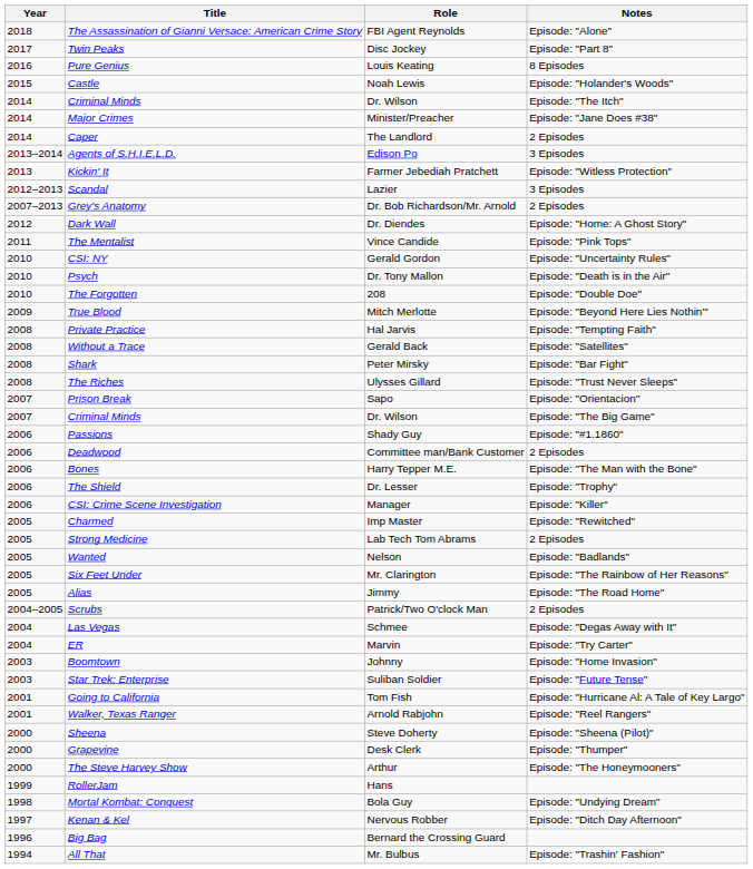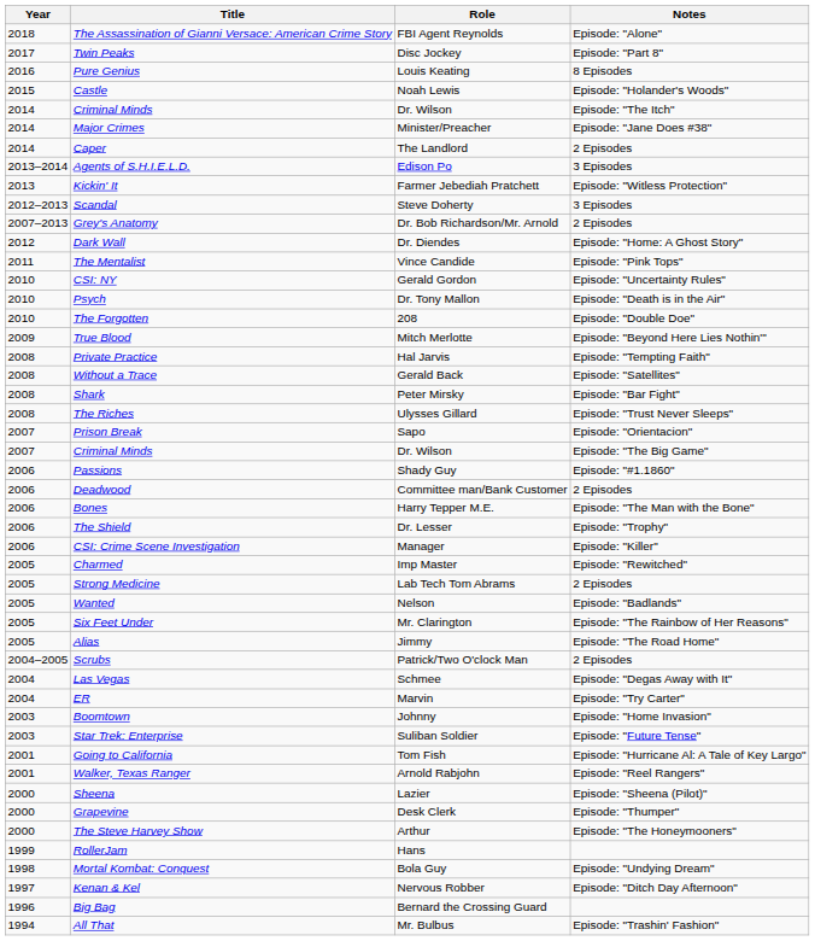 <table class="wikitable sortable">
 <tr>
 <th>Year</th>
 <th>Title</th>
 <th>Role</th>
 <th class="unsortable">Notes</th>
 </tr>
 <tr>
 <td>2018</td>
 <td><em><a href='#'>The Assassination of Gianni Versace: American Crime Story</a></em></td>
 <td>FBI Agent Reynolds</td>
 <td>Episode: "Alone"</td>
 </tr>
 <tr>
 <td>2017</td>
 <td><em><a href='#'>Twin Peaks</a></em></td>
 <td>Disc Jockey</td>
 <td>Episode: "Part 8"</td>
 </tr>
 <tr>
 <td>2016</td>
 <td><em><a href='#'>Pure Genius</a></em></td>
 <td>Louis Keating</td>
 <td>8 Episodes</td>
 </tr>
 <tr>
 <td>2015</td>
 <td><em><a href='#'>Castle</a></em></td>
 <td>Noah Lewis</td>
 <td>Episode: "Holander's Woods"</td>
 </tr>
 <tr>
 <td>2014</td>
 <td><em><a href='#'>Criminal Minds</a></em></td>
 <td>Dr. Wilson</td>
 <td>Episode: "The Itch"</td>
 </tr>
 <tr>
 <td>2014</td>
 <td><em><a href='#'>Major Crimes</a></em></td>
 <td>Minister/Preacher</td>
 <td>Episode: "Jane Does #38"</td>
 </tr>
 <tr>
 <td>2014</td>
 <td><em><a href='#'>Caper</a></em></td>
 <td>The Landlord</td>
 <td>2 Episodes</td>
 </tr>
 <tr>
 <td>2013–2014</td>
 <td><em><a href='#'>Agents of S.H.I.E.L.D.</a></em></td>
 <td><a href='#'>Edison Po</a></td>
 <td>3 Episodes</td>
 </tr>
 <tr>
 <td>2013</td>
 <td><em><a href='#'>Kickin' It</a></em></td>
 <td>Farmer Jebediah Pratchett</td>
 <td>Episode: "Witless Protection"</td>
 </tr>
 <tr>
 <td>2012–2013</td>
 <td><em><a href='#'>Scandal</a></em></td>
-<td>Lazier</td>
+<td>Steve Doherty</td>
 <td>3 Episodes</td>
 </tr>
 <tr>
 <td>2007–2013</td>
 <td><em><a href='#'>Grey's Anatomy</a></em></td>
 <td>Dr. Bob Richardson/Mr. Arnold</td>
 <td>2 Episodes</td>
 </tr>
 <tr>
 <td>2012</td>
 <td><em><a href='#'>Dark Wall</a></em></td>
 <td>Dr. Diendes</td>
 <td>Episode: "Home: A Ghost Story"</td>
 </tr>
 <tr>
 <td>2011</td>
 <td><em><a href='#'>The Mentalist</a></em></td>
 <td>Vince Candide</td>
 <td>Episode: "Pink Tops"</td>
 </tr>
 <tr>
 <td>2010</td>
 <td><em><a href='#'>CSI: NY</a></em></td>
 <td>Gerald Gordon</td>
 <td>Episode: "Uncertainty Rules"</td>
 </tr>
 <tr>
 <td>2010</td>
 <td><em><a href='#'>Psych</a></em></td>
 <td>Dr. Tony Mallon</td>
 <td>Episode: "Death is in the Air"</td>
 </tr>
 <tr>
 <td>2010</td>
 <td><em><a href='#'>The Forgotten</a></em></td>
 <td>208</td>
 <td>Episode: "Double Doe"</td>
 </tr>
 <tr>
 <td>2009</td>
 <td><em><a href='#'>True Blood</a></em></td>
 <td>Mitch Merlotte</td>
 <td>Episode: "Beyond Here Lies Nothin'"</td>
 </tr>
 <tr>
 <td>2008</td>
 <td><em><a href='#'>Private Practice</a></em></td>
 <td>Hal Jarvis</td>
 <td>Episode: "Tempting Faith"</td>
 </tr>
 <tr>
 <td>2008</td>
 <td><em><a href='#'>Without a Trace</a></em></td>
 <td>Gerald Back</td>
 <td>Episode: "Satellites"</td>
 </tr>
 <tr>
 <td>2008</td>
 <td><em><a href='#'>Shark</a></em></td>
 <td>Peter Mirsky</td>
 <td>Episode: "Bar Fight"</td>
 </tr>
 <tr>
 <td>2008</td>
 <td><em><a href='#'>The Riches</a></em></td>
 <td>Ulysses Gillard</td>
 <td>Episode: "Trust Never Sleeps"</td>
 </tr>
 <tr>
 <td>2007</td>
 <td><em><a href='#'>Prison Break</a></em></td>
 <td>Sapo</td>
 <td>Episode: "Orientacion"</td>
 </tr>
 <tr>
 <td>2007</td>
 <td><em><a href='#'>Criminal Minds</a></em></td>
 <td>Dr. Wilson</td>
 <td>Episode: "The Big Game"</td>
 </tr>
 <tr>
 <td>2006</td>
 <td><em><a href='#'>Passions</a></em></td>
 <td>Shady Guy</td>
 <td>Episode: "#1.1860"</td>
 </tr>
 <tr>
 <td>2006</td>
 <td><em><a href='#'>Deadwood</a></em></td>
 <td>Committee man/Bank Customer</td>
 <td>2 Episodes</td>
 </tr>
 <tr>
 <td>2006</td>
 <td><em><a href='#'>Bones</a></em></td>
 <td>Harry Tepper M.E.</td>
 <td>Episode: "The Man with the Bone"</td>
 </tr>
 <tr>
 <td>2006</td>
 <td><em><a href='#'>The Shield</a></em></td>
 <td>Dr. Lesser</td>
 <td>Episode: "Trophy"</td>
 </tr>
 <tr>
 <td>2006</td>
 <td><em><a href='#'>CSI: Crime Scene Investigation</a></em></td>
 <td>Manager</td>
 <td>Episode: "Killer"</td>
 </tr>
 <tr>
 <td>2005</td>
 <td><em><a href='#'>Charmed</a></em></td>
 <td>Imp Master</td>
 <td>Episode: "Rewitched"</td>
 </tr>
 <tr>
 <td>2005</td>
 <td><em><a href='#'>Strong Medicine</a></em></td>
 <td>Lab Tech Tom Abrams</td>
 <td>2 Episodes</td>
 </tr>
 <tr>
 <td>2005</td>
 <td><em><a href='#'>Wanted</a></em></td>
 <td>Nelson</td>
 <td>Episode: "Badlands"</td>
 </tr>
 <tr>
 <td>2005</td>
 <td><em><a href='#'>Six Feet Under</a></em></td>
 <td>Mr. Clarington</td>
 <td>Episode: "The Rainbow of Her Reasons"</td>
 </tr>
 <tr>
 <td>2005</td>
 <td><em><a href='#'>Alias</a></em></td>
 <td>Jimmy</td>
 <td>Episode: "The Road Home"</td>
 </tr>
 <tr>
 <td>2004–2005</td>
 <td><em><a href='#'>Scrubs</a></em></td>
 <td>Patrick/Two O'clock Man</td>
 <td>2 Episodes</td>
 </tr>
 <tr>
 <td>2004</td>
 <td><em><a href='#'>Las Vegas</a></em></td>
 <td>Schmee</td>
 <td>Episode: "Degas Away with It"</td>
 </tr>
 <tr>
 <td>2004</td>
 <td><em><a href='#'>ER</a></em></td>
 <td>Marvin</td>
 <td>Episode: "Try Carter"</td>
 </tr>
 <tr>
 <td>2003</td>
 <td><em><a href='#'>Boomtown</a></em></td>
 <td>Johnny</td>
 <td>Episode: "Home Invasion"</td>
 </tr>
 <tr>
 <td>2003</td>
 <td><em><a href='#'>Star Trek: Enterprise</a></em></td>
 <td>Suliban Soldier</td>
 <td>Episode: "<a href='#'>Future Tense</a>"</td>
 </tr>
 <tr>
 <td>2001</td>
 <td><em><a href='#'>Going to California</a></em></td>
 <td>Tom Fish</td>
 <td>Episode: "Hurricane Al: A Tale of Key Largo"</td>
 </tr>
 <tr>
 <td>2001</td>
 <td><em><a href='#'>Walker, Texas Ranger</a></em></td>
 <td>Arnold Rabjohn</td>
 <td>Episode: "Reel Rangers"</td>
 </tr>
 <tr>
 <td>2000</td>
 <td><em><a href='#'>Sheena</a></em></td>
-<td>Steve Doherty</td>
+<td>Lazier</td>
 <td>Episode: "Sheena (Pilot)"</td>
 </tr>
 <tr>
 <td>2000</td>
 <td><em><a href='#'>Grapevine</a></em></td>
 <td>Desk Clerk</td>
 <td>Episode: "Thumper"</td>
 </tr>
 <tr>
 <td>2000</td>
 <td><em><a href='#'>The Steve Harvey Show</a></em></td>
 <td>Arthur</td>
 <td>Episode: "The Honeymooners"</td>
 </tr>
 <tr>
 <td>1999</td>
 <td><em><a href='#'>RollerJam</a></em></td>
 <td>Hans</td>
 <td></td>
 </tr>
 <tr>
 <td>1998</td>
 <td><em><a href='#'>Mortal Kombat: Conquest</a></em></td>
 <td>Bola Guy</td>
 <td>Episode: "Undying Dream"</td>
 </tr>
 <tr>
 <td>1997</td>
 <td><em><a href='#'>Kenan & Kel</a></em></td>
 <td>Nervous Robber</td>
 <td>Episode: "Ditch Day Afternoon"</td>
 </tr>
 <tr>
 <td>1996</td>
 <td><em><a href='#'>Big Bag</a></em></td>
 <td>Bernard the Crossing Guard</td>
 <td></td>
 </tr>
 <tr>
 <td>1994</td>
 <td><em><a href='#'>All That</a></em></td>
 <td>Mr. Bulbus</td>
 <td>Episode: "Trashin' Fashion"</td>
 </tr>
 </table>
